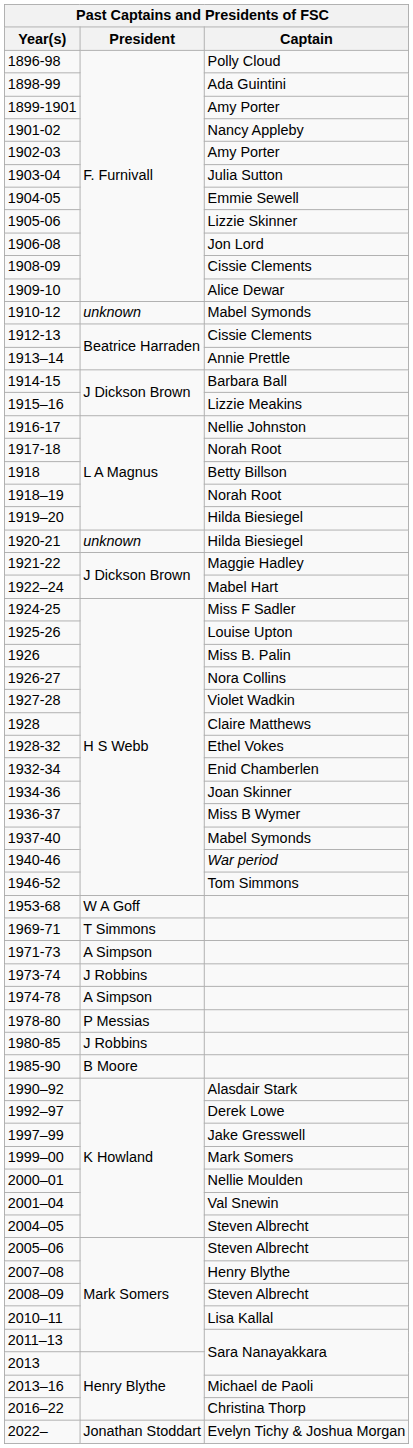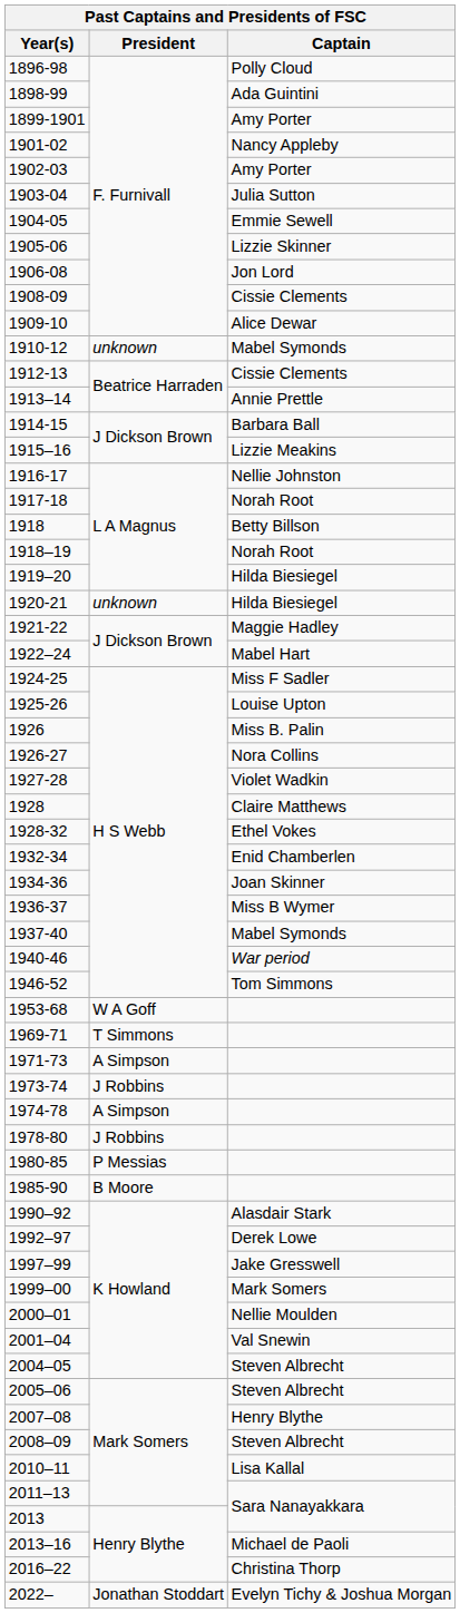 <table class="wikitable collapsible collapsed">
 <tr>
 <th colspan="3">Past Captains and Presidents of FSC  </th>
 </tr>
 <tr>
 <th>Year(s)</th>
 <th>President</th>
 <th>Captain</th>
 </tr>
 <tr>
 <td>1896-98</td>
 <td rowspan="11">F. Furnivall</td>
 <td>Polly Cloud</td>
 </tr>
 <tr>
 <td>1898-99</td>
 <td>Ada Guintini</td>
 </tr>
 <tr>
 <td>1899-1901</td>
 <td>Amy Porter</td>
 </tr>
 <tr>
 <td>1901-02</td>
 <td>Nancy Appleby</td>
 </tr>
 <tr>
 <td>1902-03</td>
 <td>Amy Porter</td>
 </tr>
 <tr>
 <td>1903-04</td>
 <td>Julia Sutton</td>
 </tr>
 <tr>
 <td>1904-05</td>
 <td>Emmie Sewell</td>
 </tr>
 <tr>
 <td>1905-06</td>
 <td>Lizzie Skinner</td>
 </tr>
 <tr>
 <td>1906-08</td>
 <td>Jon Lord</td>
 </tr>
 <tr>
 <td>1908-09</td>
 <td>Cissie Clements</td>
 </tr>
 <tr>
 <td>1909-10</td>
 <td>Alice Dewar</td>
 </tr>
 <tr>
 <td>1910-12</td>
 <td><em>unknown</em></td>
 <td>Mabel Symonds</td>
 </tr>
 <tr>
 <td>1912-13</td>
 <td rowspan="2">Beatrice Harraden</td>
 <td>Cissie Clements</td>
 </tr>
 <tr>
 <td>1913–14</td>
 <td>Annie Prettle</td>
 </tr>
 <tr>
 <td>1914-15</td>
 <td rowspan="2">J Dickson Brown</td>
 <td>Barbara Ball</td>
 </tr>
 <tr>
 <td>1915–16</td>
 <td>Lizzie Meakins</td>
 </tr>
 <tr>
 <td>1916-17</td>
 <td rowspan="5">L A Magnus</td>
 <td>Nellie Johnston</td>
 </tr>
 <tr>
 <td>1917-18</td>
 <td>Norah Root</td>
 </tr>
 <tr>
 <td>1918</td>
 <td>Betty Billson</td>
 </tr>
 <tr>
 <td>1918–19</td>
 <td>Norah Root</td>
 </tr>
 <tr>
 <td>1919–20</td>
 <td>Hilda Biesiegel</td>
 </tr>
 <tr>
 <td>1920-21</td>
 <td><em>unknown</em></td>
 <td>Hilda Biesiegel</td>
 </tr>
 <tr>
 <td>1921-22</td>
 <td rowspan="2">J Dickson Brown</td>
 <td>Maggie Hadley</td>
 </tr>
 <tr>
 <td>1922–24</td>
 <td>Mabel Hart</td>
 </tr>
 <tr>
 <td>1924-25</td>
 <td rowspan="13">H S Webb</td>
 <td>Miss F Sadler</td>
 </tr>
 <tr>
 <td>1925-26</td>
 <td>Louise Upton</td>
 </tr>
 <tr>
 <td>1926</td>
 <td>Miss B. Palin</td>
 </tr>
 <tr>
 <td>1926-27</td>
 <td>Nora Collins</td>
 </tr>
 <tr>
 <td>1927-28</td>
 <td>Violet Wadkin</td>
 </tr>
 <tr>
 <td>1928</td>
 <td>Claire Matthews</td>
 </tr>
 <tr>
 <td>1928-32</td>
 <td>Ethel Vokes</td>
 </tr>
 <tr>
 <td>1932-34</td>
 <td>Enid Chamberlen</td>
 </tr>
 <tr>
 <td>1934-36</td>
 <td>Joan Skinner</td>
 </tr>
 <tr>
 <td>1936-37</td>
 <td>Miss B Wymer</td>
 </tr>
 <tr>
 <td>1937-40</td>
 <td>Mabel Symonds</td>
 </tr>
 <tr>
 <td>1940-46</td>
 <td><em>War period</em></td>
 </tr>
 <tr>
 <td>1946-52</td>
 <td>Tom Simmons</td>
 </tr>
 <tr>
 <td>1953-68</td>
 <td>W A Goff</td>
 <td></td>
 </tr>
 <tr>
 <td>1969-71</td>
 <td>T Simmons</td>
 <td></td>
 </tr>
 <tr>
 <td>1971-73</td>
 <td>A Simpson</td>
 <td></td>
 </tr>
 <tr>
 <td>1973-74</td>
 <td>J Robbins</td>
 <td></td>
 </tr>
 <tr>
 <td>1974-78</td>
 <td>A Simpson</td>
 <td></td>
 </tr>
 <tr>
 <td>1978-80</td>
-<td>P Messias</td>
+<td>J Robbins</td>
 <td></td>
 </tr>
 <tr>
 <td>1980-85</td>
-<td>J Robbins</td>
+<td>P Messias</td>
 <td></td>
 </tr>
 <tr>
 <td>1985-90</td>
 <td>B Moore</td>
 <td></td>
 </tr>
 <tr>
 <td>1990–92</td>
 <td rowspan="7">K Howland</td>
 <td>Alasdair Stark</td>
 </tr>
 <tr>
 <td>1992–97</td>
 <td>Derek Lowe</td>
 </tr>
 <tr>
 <td>1997–99</td>
 <td>Jake Gresswell</td>
 </tr>
 <tr>
 <td>1999–00</td>
 <td>Mark Somers</td>
 </tr>
 <tr>
 <td>2000–01</td>
 <td>Nellie Moulden</td>
 </tr>
 <tr>
 <td>2001–04</td>
 <td>Val Snewin</td>
 </tr>
 <tr>
 <td>2004–05</td>
 <td>Steven Albrecht</td>
 </tr>
 <tr>
 <td>2005–06</td>
 <td rowspan="5">Mark Somers</td>
 <td>Steven Albrecht</td>
 </tr>
 <tr>
 <td>2007–08</td>
 <td>Henry Blythe</td>
 </tr>
 <tr>
 <td>2008–09</td>
 <td>Steven Albrecht</td>
 </tr>
 <tr>
 <td>2010–11</td>
 <td>Lisa Kallal</td>
 </tr>
 <tr>
 <td>2011–13</td>
 <td rowspan=2>Sara Nanayakkara</td>
 </tr>
 <tr>
 <td>2013</td>
 <td rowspan="3">Henry Blythe</td>
 </tr>
 <tr>
 <td>2013–16</td>
 <td>Michael de Paoli</td>
 </tr>
 <tr>
 <td>2016–22</td>
 <td>Christina Thorp</td>
 </tr>
 <tr>
 <td>2022–</td>
 <td>Jonathan Stoddart</td>
 <td>Evelyn Tichy & Joshua Morgan</td>
 </tr>
 </table>
